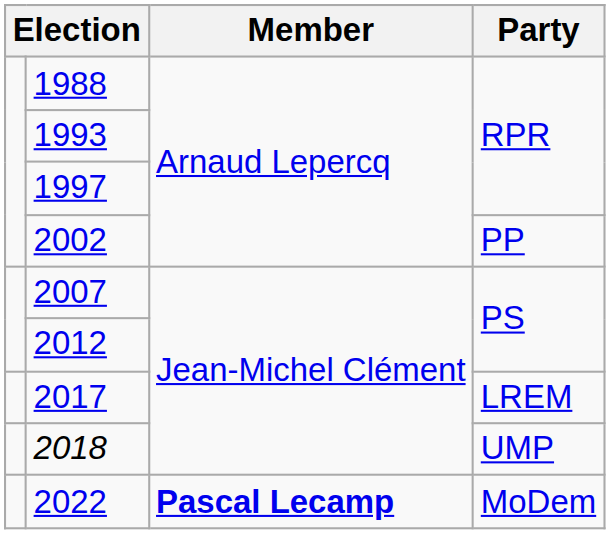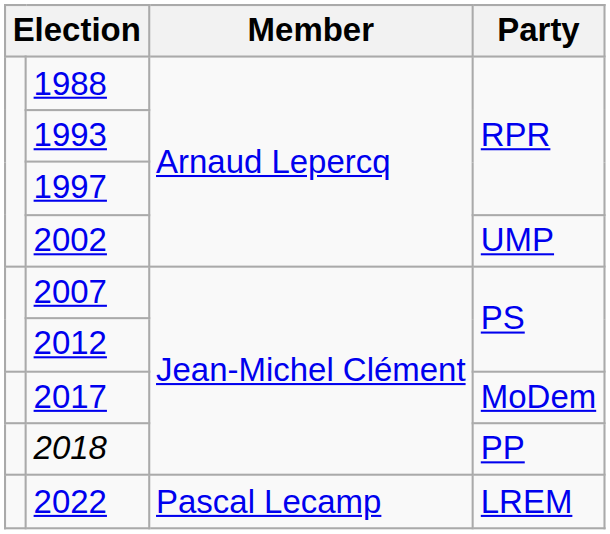 <table class="wikitable">
 <tr>
 <th colspan="2">Election</th>
 <th>Member</th>
 <th>Party</th>
 </tr>
 <tr>
 <td rowspan=4 style="background-color: "></td>
 <td><a href='#'>1988</a></td>
 <td rowspan=4><a href='#'>Arnaud Lepercq</a></td>
 <td rowspan=3><a href='#'>RPR</a></td>
 </tr>
 <tr>
 <td><a href='#'>1993</a></td>
 </tr>
 <tr>
 <td><a href='#'>1997</a></td>
 </tr>
 <tr>
 <td><a href='#'>2002</a></td>
-<td><a href='#'>PP</a></td>
+<td><a href='#'>UMP</a></td>
 </tr>
 <tr>
 <td rowspan=2 style="background-color: "></td>
 <td><a href='#'>2007</a></td>
 <td rowspan=4><a href='#'>Jean-Michel Clément</a></td>
 <td rowspan=2><a href='#'>PS</a></td>
 </tr>
 <tr>
 <td><a href='#'>2012</a></td>
 </tr>
 <tr>
 <td style="background-color: "></td>
 <td><a href='#'>2017</a></td>
-<td><a href='#'>LREM</a></td>
+<td><a href='#'>MoDem</a></td>
 </tr>
 <tr>
 <td style="background-color: "></td>
 <td><em>2018</em></td>
-<td><a href='#'>UMP</a></td>
+<td><a href='#'>PP</a></td>
 </tr>
 <tr>
 <td style="background-color: "></td>
 <td><a href='#'>2022</a></td>
-<td><strong><a href='#'>Pascal Lecamp</a></strong></td>
-<td><a href='#'>MoDem</a></td>
+<td><a href='#'>Pascal Lecamp</a></td>
+<td><a href='#'>LREM</a></td>
 </tr>
 </table>
